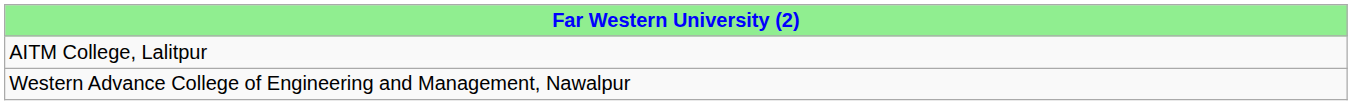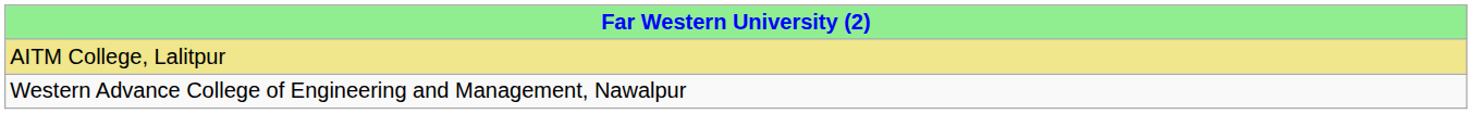 <table class="wikitable sortable">
 <tr>
 <th colspan="1" style="width: 800pt; background:lightgreen; color: blue;">Far Western University (2)</th>
 </tr>
 <tr>
-<td>AITM College, Lalitpur</td>
+<td style="background: khaki;">AITM College, Lalitpur</td>
 </tr>
 <tr>
 <td>Western Advance College of Engineering and Management, Nawalpur</td>
 </tr>
 </table>
